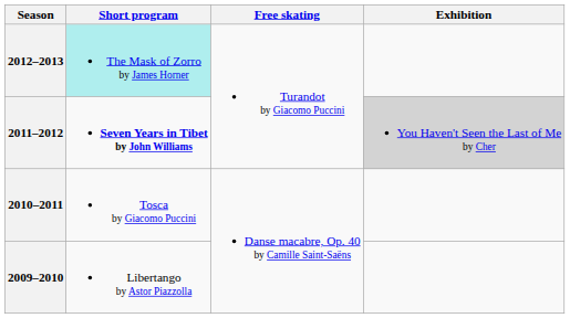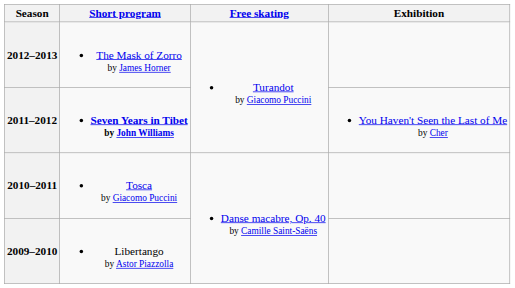 <table class="wikitable" style="text-align:center">
 <tr>
 <th>Season</th>
 <th><a href='#'>Short program</a></th>
 <th><a href='#'>Free skating</a></th>
 <th>Exhibition</th>
 </tr>
 <tr>
 <th>2012–2013 <br></th>
-<td style="background: paleturquoise;"><br><ul><li><a href='#'>The Mask of Zorro</a> <br><small> by <a href='#'>James Horner</a> </small></li></ul></td>
+<td><br><ul><li><a href='#'>The Mask of Zorro</a> <br><small> by <a href='#'>James Horner</a> </small></li></ul></td>
 <td rowspan=2><br><ul><li><a href='#'>Turandot</a> <br><small> by <a href='#'>Giacomo Puccini</a> </small></li></ul></td>
 <td></td>
 </tr>
 <tr>
 <th>2011–2012 <br></th>
 <td><strong><br><ul><li><a href='#'>Seven Years in Tibet</a> <br><small> by <a href='#'>John Williams</a> </small></li></ul></strong></td>
-<td style="background: lightgrey;"><br><ul><li><a href='#'>You Haven't Seen the Last of Me</a> <br><small> by <a href='#'>Cher</a> </small></li></ul></td>
+<td><br><ul><li><a href='#'>You Haven't Seen the Last of Me</a> <br><small> by <a href='#'>Cher</a> </small></li></ul></td>
 </tr>
 <tr>
 <th>2010–2011 <br></th>
 <td><br><ul><li><a href='#'>Tosca</a> <br><small> by <a href='#'>Giacomo Puccini</a> </small></li></ul></td>
 <td rowspan=2><br><ul><li><a href='#'>Danse macabre, Op. 40</a> <br><small> by <a href='#'>Camille Saint-Saëns</a> </small></li></ul></td>
 <td></td>
 </tr>
 <tr>
 <th>2009–2010</th>
 <td><br><ul><li>Libertango <br><small> by <a href='#'>Astor Piazzolla</a> </small></li></ul></td>
 <td></td>
 </tr>
 </table>
